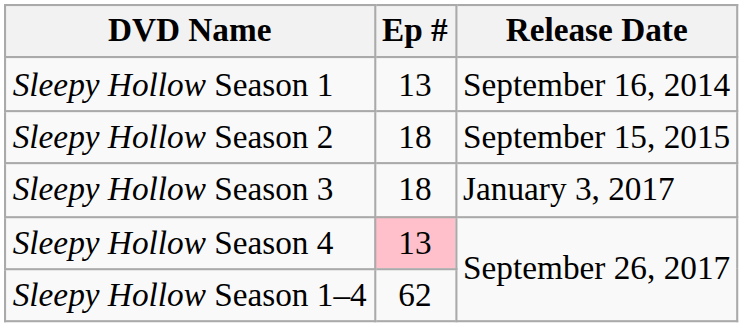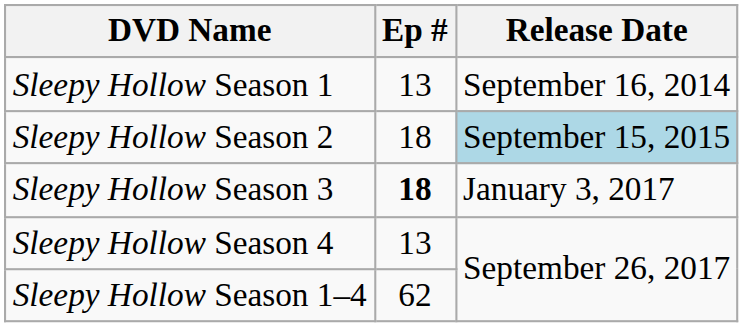 <table class="wikitable">
 <tr>
 <th>DVD Name</th>
 <th>Ep #</th>
 <th>Release Date</th>
 </tr>
 <tr>
 <td><em>Sleepy Hollow</em> Season 1</td>
 <td align="center">13</td>
 <td>September 16, 2014</td>
 </tr>
 <tr>
 <td><em>Sleepy Hollow</em> Season 2</td>
 <td align="center">18</td>
-<td>September 15, 2015</td>
+<td style="background: lightblue;">September 15, 2015</td>
 </tr>
 <tr>
 <td><em>Sleepy Hollow</em> Season 3</td>
-<td align="center">18</td>
+<td align="center"><strong>18</strong></td>
 <td>January 3, 2017</td>
 </tr>
 <tr>
 <td><em>Sleepy Hollow</em> Season 4</td>
-<td align="center" style="background: pink;">13</td>
+<td align="center">13</td>
 <td rowspan="2">September 26, 2017</td>
 </tr>
 <tr>
 <td><em>Sleepy Hollow</em> Season 1–4</td>
 <td align="center">62</td>
 </tr>
 </table>
